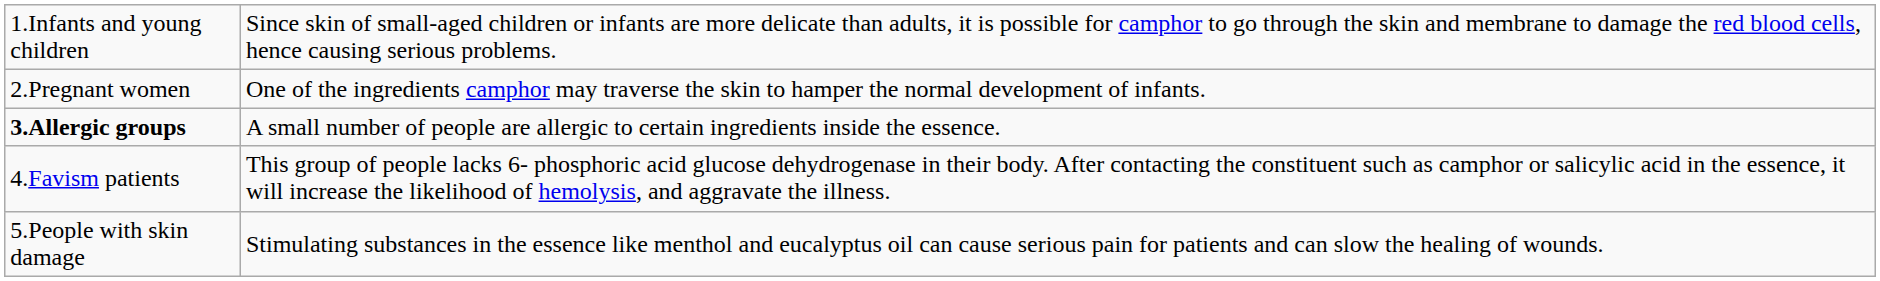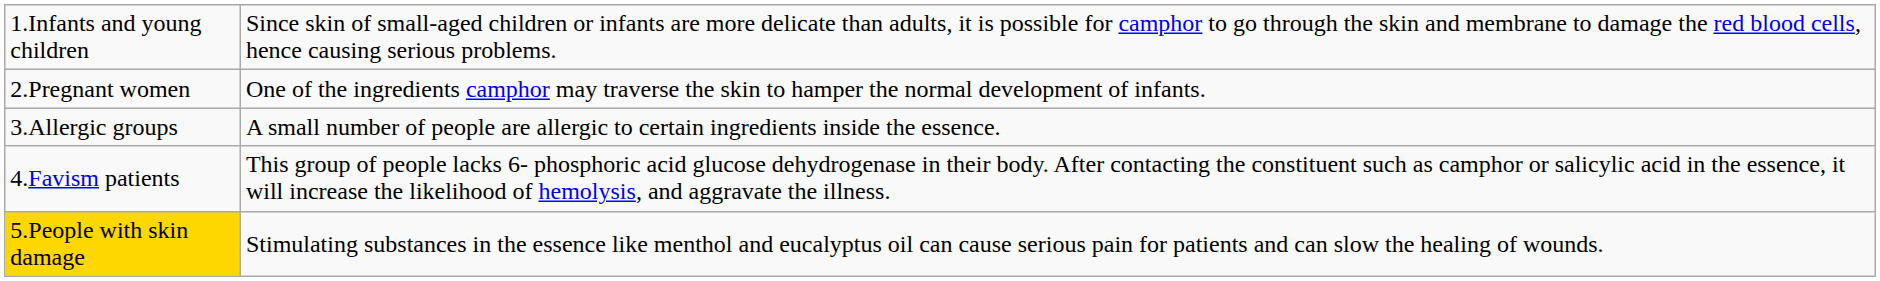 <table class="wikitable">
 <tr>
 <td>1.Infants and young children</td>
 <td>Since skin of small-aged children or infants are more delicate than adults, it is possible for <a href='#'>camphor</a> to go through the skin and membrane to damage the <a href='#'>red blood cells</a>, hence causing serious problems.</td>
 </tr>
 <tr>
 <td>2.Pregnant women</td>
 <td>One of the ingredients <a href='#'>camphor</a> may traverse the skin to hamper the normal development of infants.</td>
 </tr>
 <tr>
-<td><strong>3.Allergic groups</strong></td>
+<td>3.Allergic groups</td>
 <td>A small number of people are allergic to certain ingredients inside the essence.</td>
 </tr>
 <tr>
 <td>4.<a href='#'>Favism</a> patients</td>
 <td>This group of people lacks 6- phosphoric acid glucose dehydrogenase in their body. After contacting the constituent such as camphor or salicylic acid in the essence, it will increase the likelihood of <a href='#'>hemolysis</a>, and aggravate the illness.</td>
 </tr>
 <tr>
-<td>5.People with skin damage</td>
+<td style="background: gold;">5.People with skin damage</td>
 <td>Stimulating substances in the essence like menthol and eucalyptus oil can cause serious pain for patients and can slow the healing of wounds.</td>
 </tr>
 </table>
